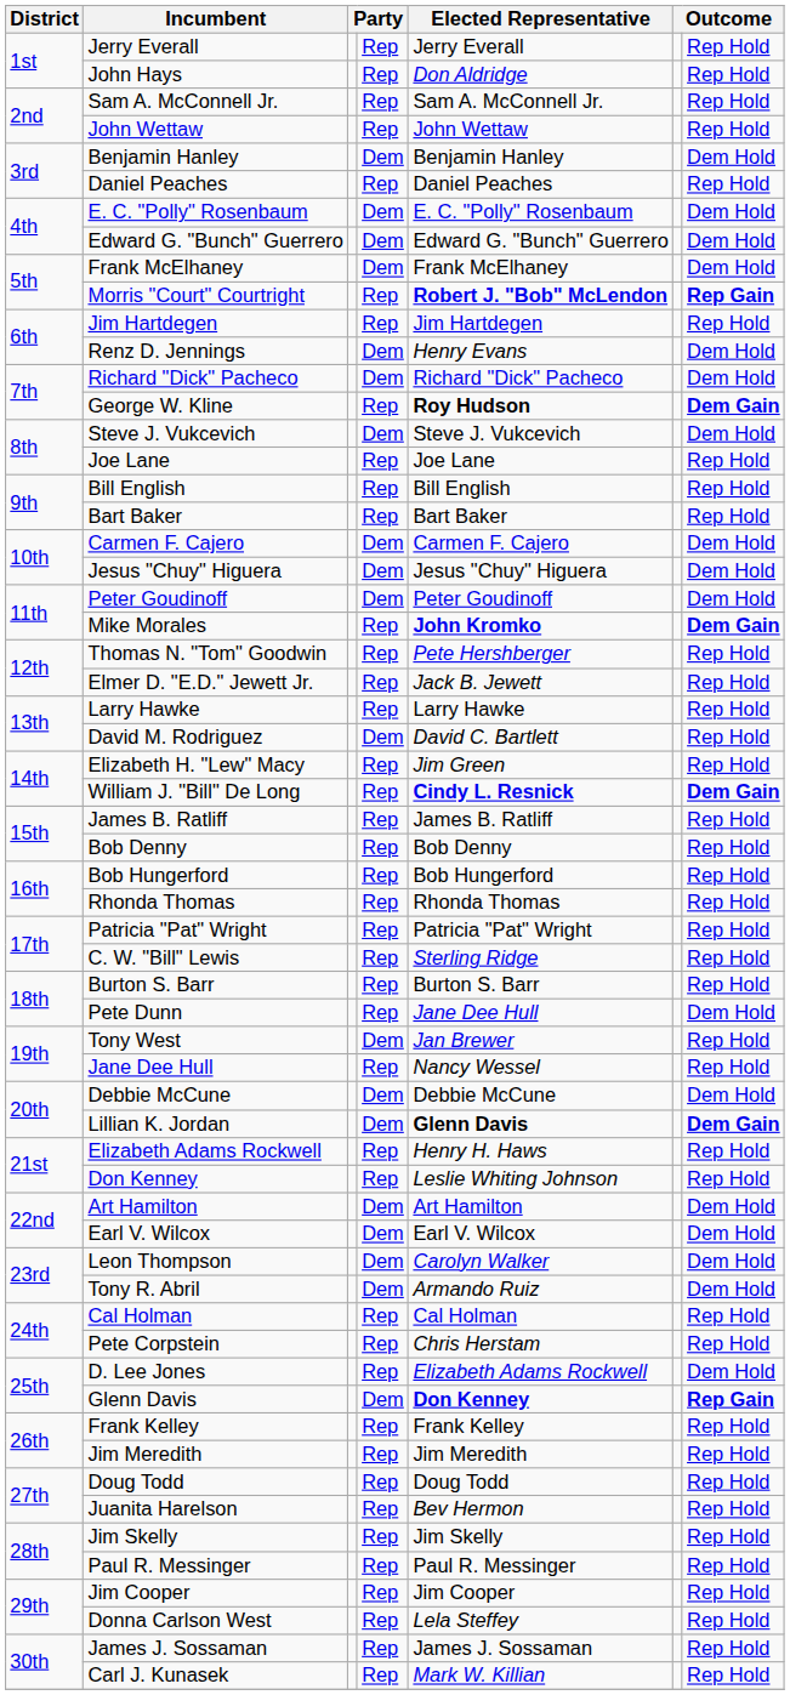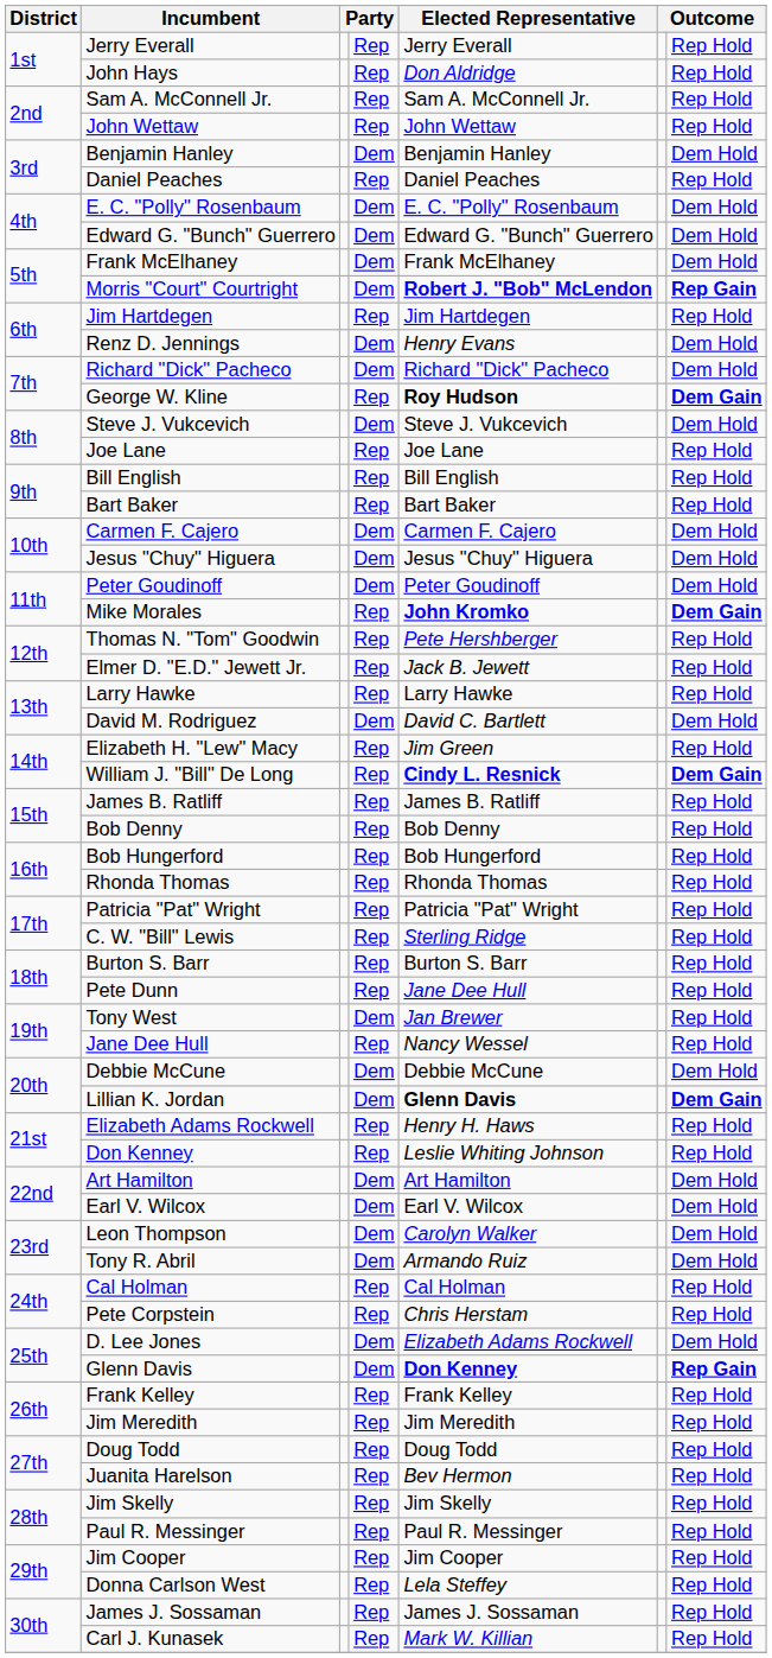 <table class="sortable wikitable" style="font-size:95%;line-height:14px;">
 <tr>
 <th>District</th>
 <th>Incumbent</th>
 <th colspan="2">Party</th>
 <th>Elected Representative</th>
 <th colspan="2">Outcome</th>
 </tr>
 <tr>
 <td rowspan="2"><a href='#'>1st</a></td>
 <td>Jerry Everall</td>
 <td style="background:"></td>
 <td><a href='#'>Rep</a></td>
 <td>Jerry Everall</td>
 <td style="background:"></td>
 <td><a href='#'>Rep Hold</a></td>
 </tr>
 <tr>
 <td>John Hays</td>
 <td style="background:"></td>
 <td><a href='#'>Rep</a></td>
 <td><em><a href='#'>Don Aldridge</a></em></td>
 <td style="background:"></td>
 <td><a href='#'>Rep Hold</a></td>
 </tr>
 <tr>
 <td rowspan="2"><a href='#'>2nd</a></td>
 <td>Sam A. McConnell Jr.</td>
 <td style="background:"></td>
 <td><a href='#'>Rep</a></td>
 <td>Sam A. McConnell Jr.</td>
 <td style="background:"></td>
 <td><a href='#'>Rep Hold</a></td>
 </tr>
 <tr>
 <td><a href='#'>John Wettaw</a></td>
 <td style="background:"></td>
 <td><a href='#'>Rep</a></td>
 <td><a href='#'>John Wettaw</a></td>
 <td style="background:"></td>
 <td><a href='#'>Rep Hold</a></td>
 </tr>
 <tr>
 <td rowspan="2"><a href='#'>3rd</a></td>
 <td>Benjamin Hanley</td>
 <td style="background:"></td>
 <td><a href='#'>Dem</a></td>
 <td>Benjamin Hanley</td>
 <td style="background:"></td>
 <td><a href='#'>Dem Hold</a></td>
 </tr>
 <tr>
 <td>Daniel Peaches</td>
 <td style="background:"></td>
 <td><a href='#'>Rep</a></td>
 <td>Daniel Peaches</td>
 <td style="background:"></td>
 <td><a href='#'>Rep Hold</a></td>
 </tr>
 <tr>
 <td rowspan="2"><a href='#'>4th</a></td>
 <td><a href='#'>E. C. "Polly" Rosenbaum</a></td>
 <td style="background:"></td>
 <td><a href='#'>Dem</a></td>
 <td><a href='#'>E. C. "Polly" Rosenbaum</a></td>
 <td style="background:"></td>
 <td><a href='#'>Dem Hold</a></td>
 </tr>
 <tr>
 <td>Edward G. "Bunch" Guerrero</td>
 <td style="background:"></td>
 <td><a href='#'>Dem</a></td>
 <td>Edward G. "Bunch" Guerrero</td>
 <td style="background:"></td>
 <td><a href='#'>Dem Hold</a></td>
 </tr>
 <tr>
 <td rowspan="2"><a href='#'>5th</a></td>
 <td>Frank McElhaney</td>
 <td style="background:"></td>
 <td><a href='#'>Dem</a></td>
 <td>Frank McElhaney</td>
 <td style="background:"></td>
 <td><a href='#'>Dem Hold</a></td>
 </tr>
 <tr>
 <td><a href='#'>Morris "Court" Courtright</a></td>
 <td style="background:"></td>
-<td><a href='#'>Rep</a></td>
+<td><a href='#'>Dem</a></td>
 <td><strong><a href='#'>Robert J. "Bob" McLendon</a></strong></td>
 <td style="background:"></td>
 <td><strong><a href='#'>Rep Gain</a></strong></td>
 </tr>
 <tr>
 <td rowspan="2"><a href='#'>6th</a></td>
 <td><a href='#'>Jim Hartdegen</a></td>
 <td style="background:"></td>
 <td><a href='#'>Rep</a></td>
 <td><a href='#'>Jim Hartdegen</a></td>
 <td style="background:"></td>
 <td><a href='#'>Rep Hold</a></td>
 </tr>
 <tr>
 <td>Renz D. Jennings</td>
 <td style="background:"></td>
 <td><a href='#'>Dem</a></td>
 <td><em>Henry Evans</em></td>
 <td style="background:"></td>
 <td><a href='#'>Dem Hold</a></td>
 </tr>
 <tr>
 <td rowspan="2"><a href='#'>7th</a></td>
 <td><a href='#'>Richard "Dick" Pacheco</a></td>
 <td style="background:"></td>
 <td><a href='#'>Dem</a></td>
 <td><a href='#'>Richard "Dick" Pacheco</a></td>
 <td style="background:"></td>
 <td><a href='#'>Dem Hold</a></td>
 </tr>
 <tr>
 <td>George W. Kline</td>
 <td style="background:"></td>
 <td><a href='#'>Rep</a></td>
 <td><strong>Roy Hudson</strong></td>
 <td style="background:"></td>
 <td><strong><a href='#'>Dem Gain</a></strong></td>
 </tr>
 <tr>
 <td rowspan="2"><a href='#'>8th</a></td>
 <td>Steve J. Vukcevich</td>
 <td style="background:"></td>
 <td><a href='#'>Dem</a></td>
 <td>Steve J. Vukcevich</td>
 <td style="background:"></td>
 <td><a href='#'>Dem Hold</a></td>
 </tr>
 <tr>
 <td>Joe Lane</td>
 <td style="background:"></td>
 <td><a href='#'>Rep</a></td>
 <td>Joe Lane</td>
 <td style="background:"></td>
 <td><a href='#'>Rep Hold</a></td>
 </tr>
 <tr>
 <td rowspan="2"><a href='#'>9th</a></td>
 <td>Bill English</td>
 <td style="background:"></td>
 <td><a href='#'>Rep</a></td>
 <td>Bill English</td>
 <td style="background:"></td>
 <td><a href='#'>Rep Hold</a></td>
 </tr>
 <tr>
 <td>Bart Baker</td>
 <td style="background:"></td>
 <td><a href='#'>Rep</a></td>
 <td>Bart Baker</td>
 <td style="background:"></td>
 <td><a href='#'>Rep Hold</a></td>
 </tr>
 <tr>
 <td rowspan="2"><a href='#'>10th</a></td>
 <td><a href='#'>Carmen F. Cajero</a></td>
 <td style="background:"></td>
 <td><a href='#'>Dem</a></td>
 <td><a href='#'>Carmen F. Cajero</a></td>
 <td style="background:"></td>
 <td><a href='#'>Dem Hold</a></td>
 </tr>
 <tr>
 <td>Jesus "Chuy" Higuera</td>
 <td style="background:"></td>
 <td><a href='#'>Dem</a></td>
 <td>Jesus "Chuy" Higuera</td>
 <td style="background:"></td>
 <td><a href='#'>Dem Hold</a></td>
 </tr>
 <tr>
 <td rowspan="2"><a href='#'>11th</a></td>
 <td><a href='#'>Peter Goudinoff</a></td>
 <td style="background:"></td>
 <td><a href='#'>Dem</a></td>
 <td><a href='#'>Peter Goudinoff</a></td>
 <td style="background:"></td>
 <td><a href='#'>Dem Hold</a></td>
 </tr>
 <tr>
 <td>Mike Morales</td>
 <td style="background:"></td>
 <td><a href='#'>Rep</a></td>
 <td><strong><a href='#'>John Kromko</a></strong></td>
 <td style="background:"></td>
 <td><strong><a href='#'>Dem Gain</a></strong></td>
 </tr>
 <tr>
 <td rowspan="2"><a href='#'>12th</a></td>
 <td>Thomas N. "Tom" Goodwin</td>
 <td style="background:"></td>
 <td><a href='#'>Rep</a></td>
 <td><em><a href='#'>Pete Hershberger</a></em></td>
 <td style="background:"></td>
 <td><a href='#'>Rep Hold</a></td>
 </tr>
 <tr>
 <td>Elmer D. "E.D." Jewett Jr.</td>
 <td style="background:"></td>
 <td><a href='#'>Rep</a></td>
 <td><em>Jack B. Jewett</em></td>
 <td style="background:"></td>
 <td><a href='#'>Rep Hold</a></td>
 </tr>
 <tr>
 <td rowspan="2"><a href='#'>13th</a></td>
 <td>Larry Hawke</td>
 <td style="background:"></td>
 <td><a href='#'>Rep</a></td>
 <td>Larry Hawke</td>
 <td style="background:"></td>
 <td><a href='#'>Rep Hold</a></td>
 </tr>
 <tr>
 <td>David M. Rodriguez</td>
 <td style="background:"></td>
 <td><a href='#'>Dem</a></td>
 <td><em>David C. Bartlett</em></td>
 <td style="background:"></td>
-<td><a href='#'>Rep Hold</a></td>
+<td><a href='#'>Dem Hold</a></td>
 </tr>
 <tr>
 <td rowspan="2"><a href='#'>14th</a></td>
 <td>Elizabeth H. "Lew" Macy</td>
 <td style="background:"></td>
 <td><a href='#'>Rep</a></td>
 <td><em>Jim Green</em></td>
 <td style="background:"></td>
 <td><a href='#'>Rep Hold</a></td>
 </tr>
 <tr>
 <td>William J. "Bill" De Long</td>
 <td style="background:"></td>
 <td><a href='#'>Rep</a></td>
 <td><strong><a href='#'>Cindy L. Resnick</a></strong></td>
 <td style="background:"></td>
 <td><strong><a href='#'>Dem Gain</a></strong></td>
 </tr>
 <tr>
 <td rowspan="2"><a href='#'>15th</a></td>
 <td>James B. Ratliff</td>
 <td style="background:"></td>
 <td><a href='#'>Rep</a></td>
 <td>James B. Ratliff</td>
 <td style="background:"></td>
 <td><a href='#'>Rep Hold</a></td>
 </tr>
 <tr>
 <td>Bob Denny</td>
 <td style="background:"></td>
 <td><a href='#'>Rep</a></td>
 <td>Bob Denny</td>
 <td style="background:"></td>
 <td><a href='#'>Rep Hold</a></td>
 </tr>
 <tr>
 <td rowspan="2"><a href='#'>16th</a></td>
 <td>Bob Hungerford</td>
 <td style="background:"></td>
 <td><a href='#'>Rep</a></td>
 <td>Bob Hungerford</td>
 <td style="background:"></td>
 <td><a href='#'>Rep Hold</a></td>
 </tr>
 <tr>
 <td>Rhonda Thomas</td>
 <td style="background:"></td>
 <td><a href='#'>Rep</a></td>
 <td>Rhonda Thomas</td>
 <td style="background:"></td>
 <td><a href='#'>Rep Hold</a></td>
 </tr>
 <tr>
 <td rowspan="2"><a href='#'>17th</a></td>
 <td>Patricia "Pat" Wright</td>
 <td style="background:"></td>
 <td><a href='#'>Rep</a></td>
 <td>Patricia "Pat" Wright</td>
 <td style="background:"></td>
 <td><a href='#'>Rep Hold</a></td>
 </tr>
 <tr>
 <td>C. W. "Bill" Lewis</td>
 <td style="background:"></td>
 <td><a href='#'>Rep</a></td>
 <td><em><a href='#'>Sterling Ridge</a></em></td>
 <td style="background:"></td>
 <td><a href='#'>Rep Hold</a></td>
 </tr>
 <tr>
 <td rowspan="2"><a href='#'>18th</a></td>
 <td>Burton S. Barr</td>
 <td style="background:"></td>
 <td><a href='#'>Rep</a></td>
 <td>Burton S. Barr</td>
 <td style="background:"></td>
 <td><a href='#'>Rep Hold</a></td>
 </tr>
 <tr>
 <td>Pete Dunn</td>
 <td style="background:"></td>
 <td><a href='#'>Rep</a></td>
 <td><em><a href='#'>Jane Dee Hull</a></em></td>
 <td style="background:"></td>
-<td><a href='#'>Dem Hold</a></td>
+<td><a href='#'>Rep Hold</a></td>
 </tr>
 <tr>
 <td rowspan="2"><a href='#'>19th</a></td>
 <td>Tony West</td>
 <td style="background:"></td>
 <td><a href='#'>Dem</a></td>
 <td><em><a href='#'>Jan Brewer</a></em></td>
 <td style="background:"></td>
 <td><a href='#'>Rep Hold</a></td>
 </tr>
 <tr>
 <td><a href='#'>Jane Dee Hull</a></td>
 <td style="background:"></td>
 <td><a href='#'>Rep</a></td>
 <td><em>Nancy Wessel</em></td>
 <td style="background:"></td>
 <td><a href='#'>Rep Hold</a></td>
 </tr>
 <tr>
 <td rowspan="2"><a href='#'>20th</a></td>
 <td>Debbie McCune</td>
 <td style="background:"></td>
 <td><a href='#'>Dem</a></td>
 <td>Debbie McCune</td>
 <td style="background:"></td>
 <td><a href='#'>Dem Hold</a></td>
 </tr>
 <tr>
 <td>Lillian K. Jordan</td>
 <td style="background:"></td>
 <td><a href='#'>Dem</a></td>
 <td><strong>Glenn Davis</strong></td>
 <td style="background:"></td>
 <td><strong><a href='#'>Dem Gain</a></strong></td>
 </tr>
 <tr>
 <td rowspan="2"><a href='#'>21st</a></td>
 <td><a href='#'>Elizabeth Adams Rockwell</a></td>
 <td style="background:"></td>
 <td><a href='#'>Rep</a></td>
 <td><em>Henry H. Haws</em></td>
 <td style="background:"></td>
 <td><a href='#'>Rep Hold</a></td>
 </tr>
 <tr>
 <td><a href='#'>Don Kenney</a></td>
 <td style="background:"></td>
 <td><a href='#'>Rep</a></td>
 <td><em>Leslie Whiting Johnson</em></td>
 <td style="background:"></td>
 <td><a href='#'>Rep Hold</a></td>
 </tr>
 <tr>
 <td rowspan="2"><a href='#'>22nd</a></td>
 <td><a href='#'>Art Hamilton</a></td>
 <td style="background:"></td>
 <td><a href='#'>Dem</a></td>
 <td><a href='#'>Art Hamilton</a></td>
 <td style="background:"></td>
 <td><a href='#'>Dem Hold</a></td>
 </tr>
 <tr>
 <td>Earl V. Wilcox</td>
 <td style="background:"></td>
 <td><a href='#'>Dem</a></td>
 <td>Earl V. Wilcox</td>
 <td style="background:"></td>
 <td><a href='#'>Dem Hold</a></td>
 </tr>
 <tr>
 <td rowspan="2"><a href='#'>23rd</a></td>
 <td>Leon Thompson</td>
 <td style="background:"></td>
 <td><a href='#'>Dem</a></td>
 <td><em><a href='#'>Carolyn Walker</a></em></td>
 <td style="background:"></td>
 <td><a href='#'>Dem Hold</a></td>
 </tr>
 <tr>
 <td>Tony R. Abril</td>
 <td style="background:"></td>
 <td><a href='#'>Dem</a></td>
 <td><em>Armando Ruiz</em></td>
 <td style="background:"></td>
 <td><a href='#'>Dem Hold</a></td>
 </tr>
 <tr>
 <td rowspan="2"><a href='#'>24th</a></td>
 <td><a href='#'>Cal Holman</a></td>
 <td style="background:"></td>
 <td><a href='#'>Rep</a></td>
 <td><a href='#'>Cal Holman</a></td>
 <td style="background:"></td>
 <td><a href='#'>Rep Hold</a></td>
 </tr>
 <tr>
 <td>Pete Corpstein</td>
 <td style="background:"></td>
 <td><a href='#'>Rep</a></td>
 <td><em>Chris Herstam</em></td>
 <td style="background:"></td>
 <td><a href='#'>Rep Hold</a></td>
 </tr>
 <tr>
 <td rowspan="2"><a href='#'>25th</a></td>
 <td>D. Lee Jones</td>
 <td style="background:"></td>
-<td><a href='#'>Rep</a></td>
+<td><a href='#'>Dem</a></td>
 <td><em><a href='#'>Elizabeth Adams Rockwell</a></em></td>
 <td style="background:"></td>
 <td><a href='#'>Dem Hold</a></td>
 </tr>
 <tr>
 <td>Glenn Davis</td>
 <td style="background:"></td>
 <td><a href='#'>Dem</a></td>
 <td><strong><a href='#'>Don Kenney</a></strong></td>
 <td style="background:"></td>
 <td><strong><a href='#'>Rep Gain</a></strong></td>
 </tr>
 <tr>
 <td rowspan="2"><a href='#'>26th</a></td>
 <td>Frank Kelley</td>
 <td style="background:"></td>
 <td><a href='#'>Rep</a></td>
 <td>Frank Kelley</td>
 <td style="background:"></td>
 <td><a href='#'>Rep Hold</a></td>
 </tr>
 <tr>
 <td>Jim Meredith</td>
 <td style="background:"></td>
 <td><a href='#'>Rep</a></td>
 <td>Jim Meredith</td>
 <td style="background:"></td>
 <td><a href='#'>Rep Hold</a></td>
 </tr>
 <tr>
 <td rowspan="2"><a href='#'>27th</a></td>
 <td>Doug Todd</td>
 <td style="background:"></td>
 <td><a href='#'>Rep</a></td>
 <td>Doug Todd</td>
 <td style="background:"></td>
 <td><a href='#'>Rep Hold</a></td>
 </tr>
 <tr>
 <td>Juanita Harelson</td>
 <td style="background:"></td>
 <td><a href='#'>Rep</a></td>
 <td><em>Bev Hermon</em></td>
 <td style="background:"></td>
 <td><a href='#'>Rep Hold</a></td>
 </tr>
 <tr>
 <td rowspan="2"><a href='#'>28th</a></td>
 <td>Jim Skelly</td>
 <td style="background:"></td>
 <td><a href='#'>Rep</a></td>
 <td>Jim Skelly</td>
 <td style="background:"></td>
 <td><a href='#'>Rep Hold</a></td>
 </tr>
 <tr>
 <td>Paul R. Messinger</td>
 <td style="background:"></td>
 <td><a href='#'>Rep</a></td>
 <td>Paul R. Messinger</td>
 <td style="background:"></td>
 <td><a href='#'>Rep Hold</a></td>
 </tr>
 <tr>
 <td rowspan="2"><a href='#'>29th</a></td>
 <td>Jim Cooper</td>
 <td style="background:"></td>
 <td><a href='#'>Rep</a></td>
 <td>Jim Cooper</td>
 <td style="background:"></td>
 <td><a href='#'>Rep Hold</a></td>
 </tr>
 <tr>
 <td>Donna Carlson West</td>
 <td style="background:"></td>
 <td><a href='#'>Rep</a></td>
 <td><em>Lela Steffey</em></td>
 <td style="background:"></td>
 <td><a href='#'>Rep Hold</a></td>
 </tr>
 <tr>
 <td rowspan="2"><a href='#'>30th</a></td>
 <td>James J. Sossaman</td>
 <td style="background:"></td>
 <td><a href='#'>Rep</a></td>
 <td>James J. Sossaman</td>
 <td style="background:"></td>
 <td><a href='#'>Rep Hold</a></td>
 </tr>
 <tr>
 <td>Carl J. Kunasek</td>
 <td style="background:"></td>
 <td><a href='#'>Rep</a></td>
 <td><em><a href='#'>Mark W. Killian</a></em></td>
 <td style="background:"></td>
 <td><a href='#'>Rep Hold</a></td>
 </tr>
 <tr>
 </tr>
 </table>
